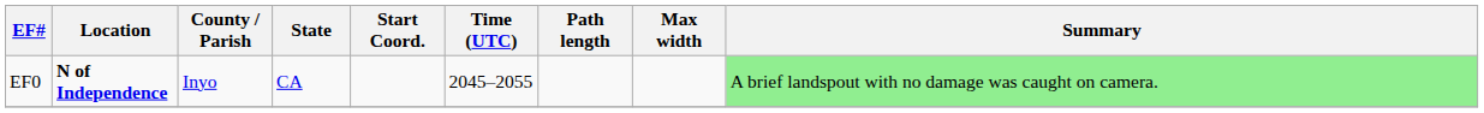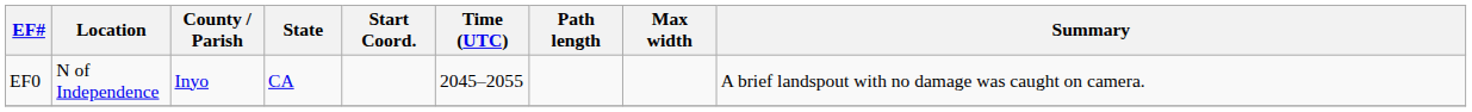 <table class="wikitable sortable" style="width:100%;">
 <tr>
 <th scope="col" width="3%" align="center"><a href='#'>EF#</a></th>
 <th scope="col" width="7%" align="center" class="unsortable">Location</th>
 <th scope="col" width="6%" align="center" class="unsortable">County / Parish</th>
 <th scope="col" width="5%" align="center">State</th>
 <th scope="col" width="6%" align="center">Start Coord.</th>
 <th scope="col" width="6%" align="center">Time (<a href='#'>UTC</a>)</th>
 <th scope="col" width="6%" align="center">Path length</th>
 <th scope="col" width="6%" align="center">Max width</th>
 <th scope="col" width="48%" class="unsortable" align="center">Summary</th>
 </tr>
 <tr>
 <td>EF0</td>
-<td><strong>N of <a href='#'>Independence</a></strong></td>
+<td>N of <a href='#'>Independence</a></td>
 <td><a href='#'>Inyo</a></td>
 <td><a href='#'>CA</a></td>
 <td></td>
 <td>2045–2055</td>
 <td></td>
 <td></td>
-<td style="background: lightgreen;">A brief landspout with no damage was caught on camera.</td>
+<td>A brief landspout with no damage was caught on camera.</td>
 </tr>
 <tr>
 </tr>
 </table>
